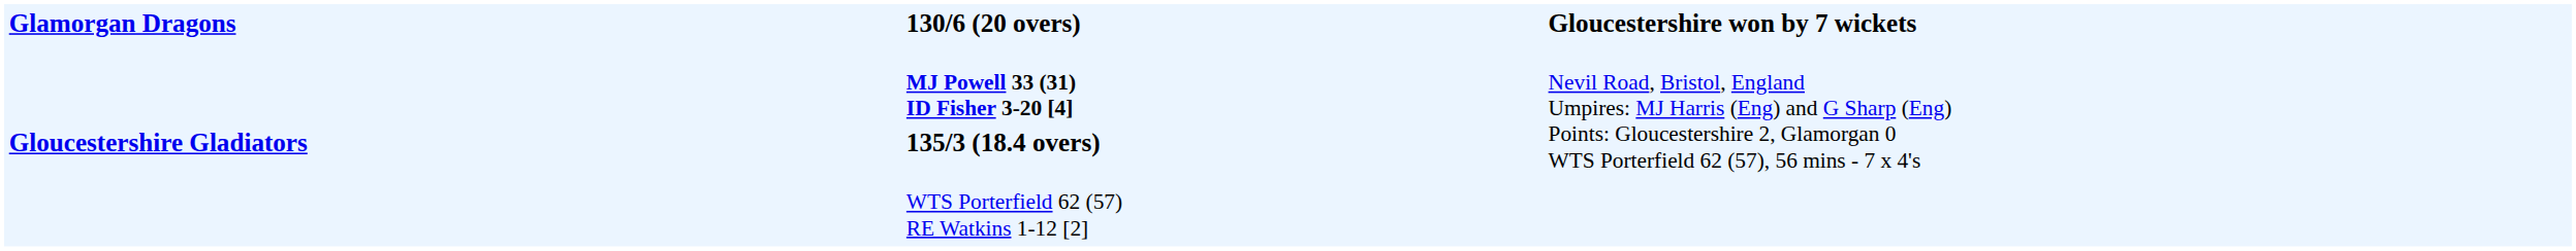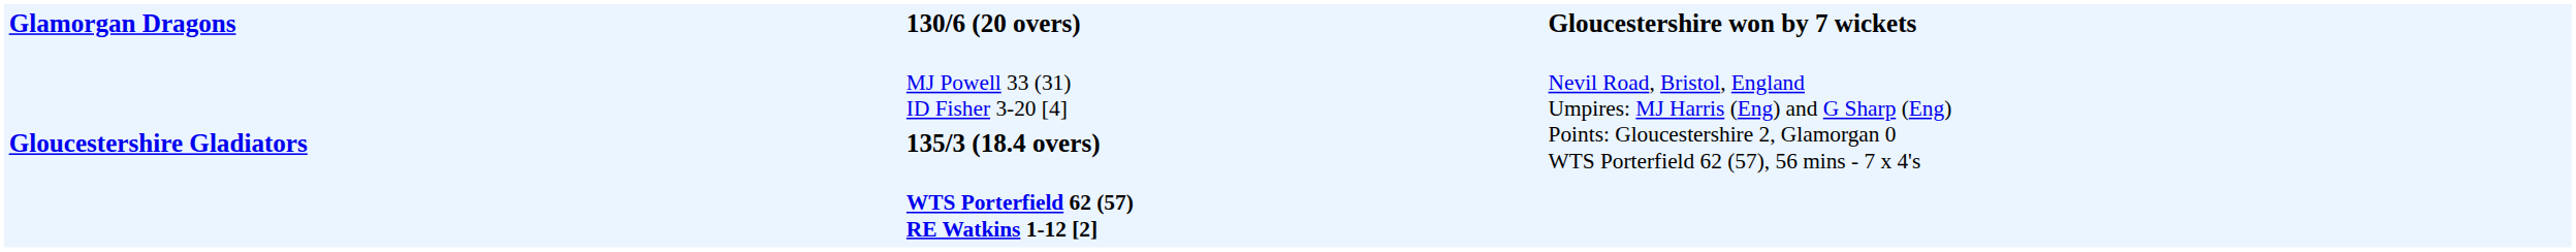 <table style="width:100%; background:#ebf5ff;">
 <tr>
 <td style="width:35%; vertical-align:top;" rowspan="2"><strong><a href='#'>Glamorgan Dragons</a></strong></td>
 <td style="width:25%;"><strong>130/6 (20 overs)</strong></td>
 <td style="width:40%;"><strong>Gloucestershire won by 7 wickets</strong></td>
 </tr>
 <tr>
-<td style="font-size: 85%;"><strong><br><a href='#'>MJ Powell</a> 33 (31)<br> <a href='#'>ID Fisher</a> 3-20 [4]</strong></td>
+<td style="font-size: 85%;"><br><a href='#'>MJ Powell</a> 33 (31)<br> <a href='#'>ID Fisher</a> 3-20 [4]</td>
 <td style="vertical-align:top; font-size:85%;" rowspan="3"><br><a href='#'>Nevil Road</a>, <a href='#'>Bristol</a>, <a href='#'>England</a><br> Umpires: <a href='#'>MJ Harris</a> (<a href='#'>Eng</a>) and <a href='#'>G Sharp</a> (<a href='#'>Eng</a>)<br> Points: Gloucestershire 2, Glamorgan 0<br>WTS Porterfield 62 (57), 56 mins - 7 x 4's</td>
 </tr>
 <tr>
 <td style="vertical-align:top;" rowspan="2"><strong><a href='#'>Gloucestershire Gladiators</a></strong></td>
 <td><strong>135/3 (18.4 overs)</strong></td>
 </tr>
 <tr>
-<td style="font-size: 85%;"><br><a href='#'>WTS Porterfield</a> 62 (57)<br> <a href='#'>RE Watkins</a> 1-12 [2]</td>
+<td style="font-size: 85%;"><strong><br><a href='#'>WTS Porterfield</a> 62 (57)<br> <a href='#'>RE Watkins</a> 1-12 [2]</strong></td>
 </tr>
 </table>
